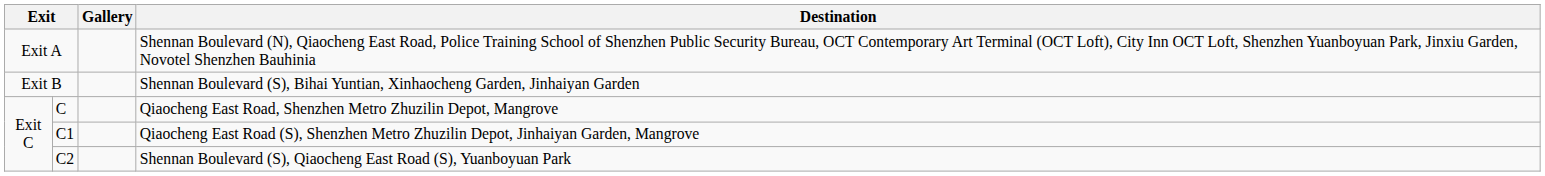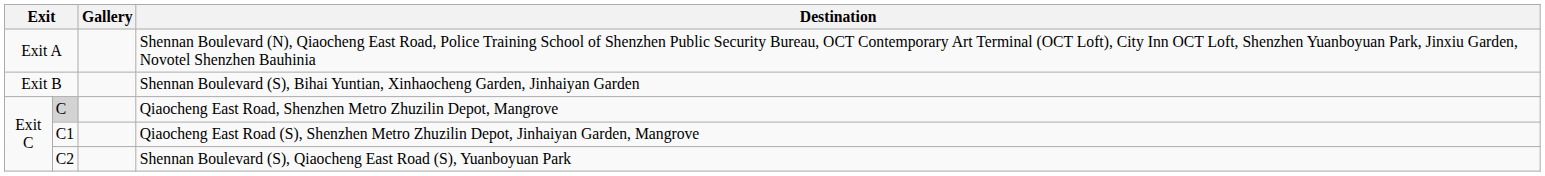 <table class="wikitable">
 <tr>
 <th style="width:70px" colspan="2">Exit</th>
 <th>Gallery</th>
 <th>Destination</th>
 </tr>
 <tr>
 <td align="center" colspan="2">Exit A</td>
 <td></td>
 <td>Shennan Boulevard (N), Qiaocheng East Road, Police Training School of Shenzhen Public Security Bureau, OCT Contemporary Art Terminal (OCT Loft), City Inn OCT Loft, Shenzhen Yuanboyuan Park, Jinxiu Garden, Novotel Shenzhen Bauhinia</td>
 </tr>
 <tr>
 <td align="center" colspan="2">Exit B</td>
 <td></td>
 <td>Shennan Boulevard (S), Bihai Yuntian, Xinhaocheng Garden, Jinhaiyan Garden</td>
 </tr>
 <tr>
 <td align="center" rowspan="3">Exit C</td>
-<td>C</td>
+<td style="background: lightgrey;">C</td>
 <td></td>
 <td>Qiaocheng East Road, Shenzhen Metro Zhuzilin Depot, Mangrove</td>
 </tr>
 <tr>
 <td>C1</td>
 <td></td>
 <td>Qiaocheng East Road (S), Shenzhen Metro Zhuzilin Depot, Jinhaiyan Garden, Mangrove</td>
 </tr>
 <tr>
 <td>C2</td>
 <td></td>
 <td>Shennan Boulevard (S), Qiaocheng East Road (S), Yuanboyuan Park</td>
 </tr>
 </table>
